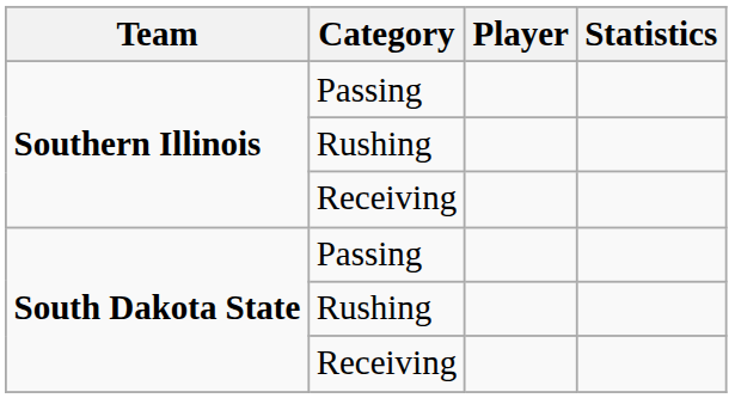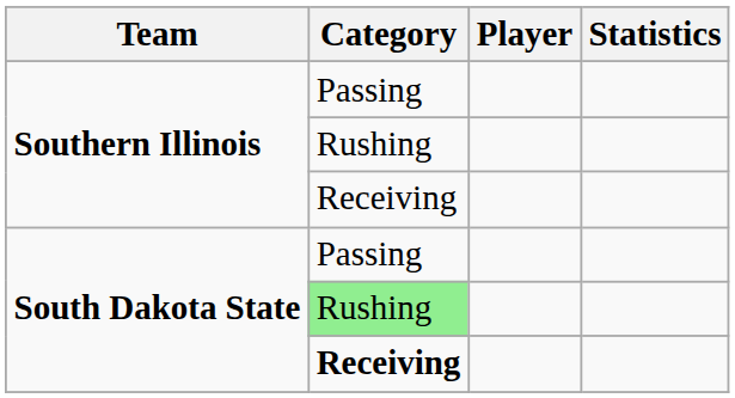 <table class="wikitable" style="float: left;">
 <tr>
 <th>Team</th>
 <th>Category</th>
 <th>Player</th>
 <th>Statistics</th>
 </tr>
 <tr>
 <td rowspan=3><strong>Southern Illinois</strong></td>
 <td>Passing</td>
 <td></td>
 <td></td>
 </tr>
 <tr>
 <td>Rushing</td>
 <td></td>
 <td></td>
 </tr>
 <tr>
 <td>Receiving</td>
 <td></td>
 <td></td>
 </tr>
 <tr>
 <td rowspan=3><strong>South Dakota State</strong></td>
 <td>Passing</td>
 <td></td>
 <td></td>
 </tr>
 <tr>
-<td>Rushing</td>
+<td style="background: lightgreen;">Rushing</td>
 <td></td>
 <td></td>
 </tr>
 <tr>
-<td>Receiving</td>
+<td><strong>Receiving</strong></td>
 <td></td>
 <td></td>
 </tr>
 </table>
